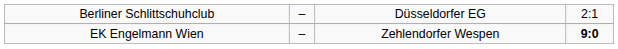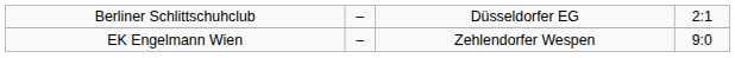 <table class="wikitable" width="50%">
 <tr align="center">
 <td>Berliner Schlittschuhclub</td>
 <td>–</td>
 <td>Düsseldorfer EG</td>
 <td>2:1</td>
 </tr>
 <tr class="hintergrundfarbe5">
 </tr>
 <tr align="center">
 <td>EK Engelmann Wien</td>
 <td>–</td>
 <td>Zehlendorfer Wespen</td>
-<td><strong>9:0</strong></td>
+<td>9:0</td>
 </tr>
 </table>
